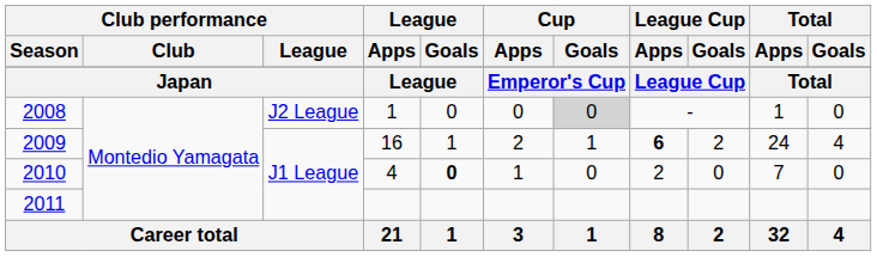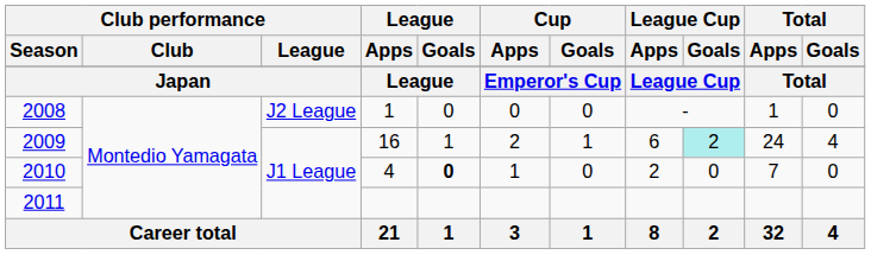 <table class="wikitable" style="text-align:center">
 <tr>
 <th colspan=3>Club performance</th>
 <th colspan=2>League</th>
 <th colspan=2>Cup</th>
 <th colspan=2>League Cup</th>
 <th colspan=2>Total</th>
 </tr>
 <tr>
 <th>Season</th>
 <th>Club</th>
 <th>League</th>
 <th>Apps</th>
 <th>Goals</th>
 <th>Apps</th>
 <th>Goals</th>
 <th>Apps</th>
 <th>Goals</th>
 <th>Apps</th>
 <th>Goals</th>
 </tr>
 <tr>
 </tr>
 <tr>
 <th colspan=3>Japan</th>
 <th colspan=2>League</th>
 <th colspan=2><a href='#'>Emperor's Cup</a></th>
 <th colspan=2><a href='#'>League Cup</a></th>
 <th colspan=2>Total</th>
 </tr>
 <tr>
 <td><a href='#'>2008</a></td>
 <td rowspan="4"><a href='#'>Montedio Yamagata</a></td>
 <td><a href='#'>J2 League</a></td>
 <td>1</td>
 <td>0</td>
 <td>0</td>
-<td style="background: lightgrey;">0</td>
+<td>0</td>
 <td colspan="2">-</td>
 <td>1</td>
 <td>0</td>
 </tr>
 <tr>
 <td><a href='#'>2009</a></td>
 <td rowspan="3"><a href='#'>J1 League</a></td>
 <td>16</td>
 <td>1</td>
 <td>2</td>
 <td>1</td>
-<td><strong>6</strong></td>
-<td>2</td>
+<td>6</td>
+<td style="background: paleturquoise;">2</td>
 <td>24</td>
 <td>4</td>
 </tr>
 <tr>
 <td><a href='#'>2010</a></td>
 <td>4</td>
 <td><strong>0</strong></td>
 <td>1</td>
 <td>0</td>
 <td>2</td>
 <td>0</td>
 <td>7</td>
 <td>0</td>
 </tr>
 <tr>
 <td><a href='#'>2011</a></td>
 <td></td>
 <td></td>
 <td></td>
 <td></td>
 <td></td>
 <td></td>
 <td></td>
 <td></td>
 </tr>
 <tr>
 <th colspan=3>Career total</th>
 <th>21</th>
 <th>1</th>
 <th>3</th>
 <th>1</th>
 <th>8</th>
 <th>2</th>
 <th>32</th>
 <th>4</th>
 </tr>
 </table>
